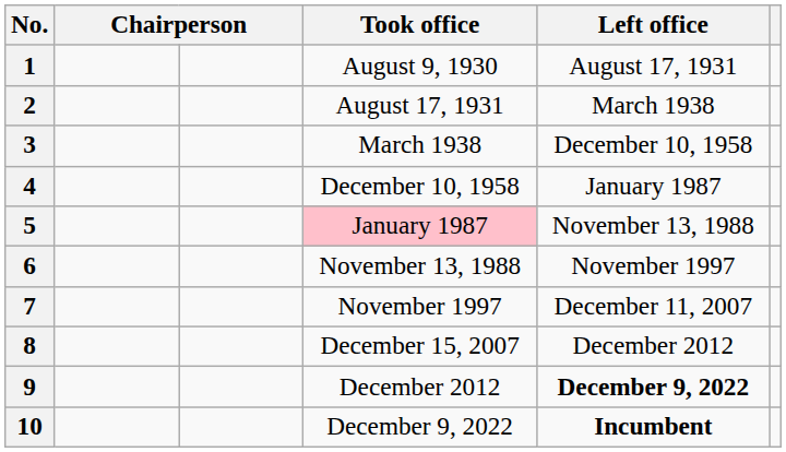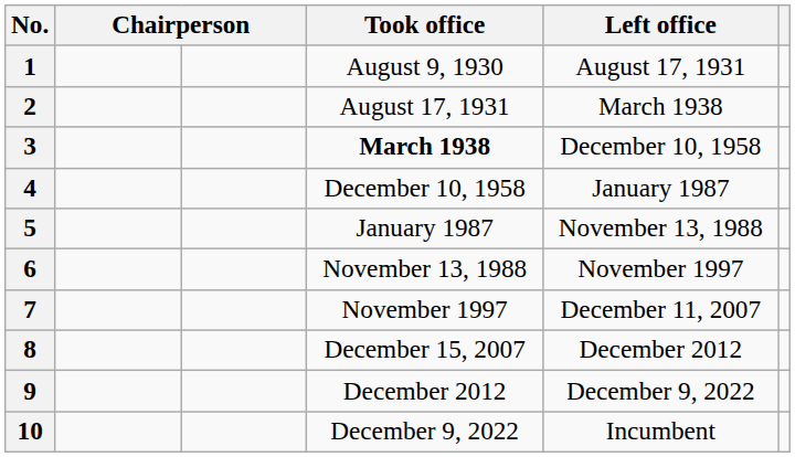 <table class="wikitable" style="text-align: center; border-collapse: collapse;">
 <tr>
 <th>No.</th>
 <th colspan="2" width="150">Chairperson</th>
 <th width="140" align="center">Took office</th>
 <th width="140" align="center">Left office</th>
 <th></th>
 </tr>
 <tr>
 <th><strong>1</strong></th>
 <td align="center"></td>
 <td align="center"><br></td>
 <td align="center">August 9, 1930</td>
 <td align="center">August 17, 1931</td>
 <td></td>
 </tr>
 <tr>
 <th><strong>2</strong></th>
 <td align="center"></td>
 <td align="center"><br></td>
 <td align="center">August 17, 1931</td>
 <td align="center">March 1938</td>
 <td></td>
 </tr>
 <tr>
 <th><strong>3</strong></th>
 <td align="center"></td>
 <td align="center"><br></td>
-<td align="center">March 1938</td>
+<td align="center"><strong>March 1938</strong></td>
 <td align="center">December 10, 1958</td>
 <td></td>
 </tr>
 <tr>
 <th><strong>4</strong></th>
 <td align="center"></td>
 <td align="center"><br></td>
 <td align="center">December 10, 1958</td>
 <td align="center">January 1987</td>
 <td></td>
 </tr>
 <tr>
 <th><strong>5</strong></th>
 <td></td>
 <td><br></td>
-<td style="background: pink;">January 1987</td>
+<td>January 1987</td>
 <td>November 13, 1988</td>
 <td></td>
 </tr>
 <tr>
 <th><strong>6</strong></th>
 <td align="center"></td>
 <td align="center"><br></td>
 <td align="center">November 13, 1988</td>
 <td align="center">November 1997</td>
 <td></td>
 </tr>
 <tr>
 <th><strong>7</strong></th>
 <td rowspan="1" align="center"></td>
 <td rowspan="1" align="center"><br></td>
 <td align="center">November 1997</td>
 <td align="center">December 11, 2007</td>
 <td></td>
 </tr>
 <tr>
 <th><strong>8</strong></th>
 <td></td>
 <td><br></td>
 <td>December 15, 2007</td>
 <td>December 2012</td>
 <td></td>
 </tr>
 <tr>
 <th>9</th>
 <td></td>
 <td><br></td>
 <td>December 2012</td>
-<td><strong>December 9, 2022</strong></td>
+<td>December 9, 2022</td>
 <td></td>
 </tr>
 <tr>
 <th><strong>10</strong></th>
 <td rowspan="1" align="center"></td>
 <td rowspan="1" align="center"><br></td>
 <td align="center">December 9, 2022</td>
-<td align="center"><strong>Incumbent</strong></td>
+<td align="center">Incumbent</td>
 <td></td>
 </tr>
 </table>
